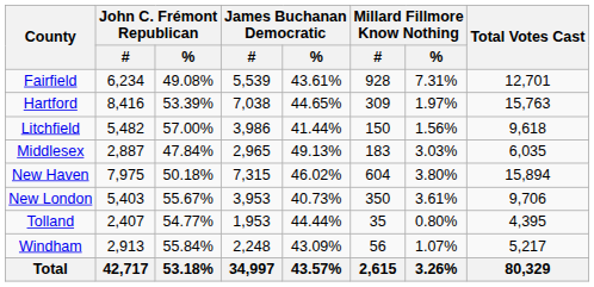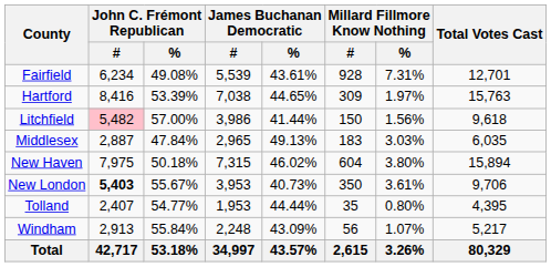 <table class="wikitable sortable">
 <tr>
 <th rowspan="2">County</th>
 <th colspan="2">John C. Frémont<br>Republican</th>
 <th colspan="2">James Buchanan<br>Democratic</th>
 <th colspan="2">Millard Fillmore<br>Know Nothing</th>
 <th rowspan="2">Total Votes Cast</th>
 </tr>
 <tr style="text-align:center;">
 <th>#</th>
 <th>%</th>
 <th>#</th>
 <th>%</th>
 <th>#</th>
 <th>%</th>
 </tr>
 <tr style="text-align:center;">
 <td><a href='#'>Fairfield</a></td>
 <td>6,234</td>
 <td>49.08%</td>
 <td>5,539</td>
 <td>43.61%</td>
 <td>928</td>
 <td>7.31%</td>
 <td>12,701</td>
 </tr>
 <tr style="text-align:center;">
 <td><a href='#'>Hartford</a></td>
 <td>8,416</td>
 <td>53.39%</td>
 <td>7,038</td>
 <td>44.65%</td>
 <td>309</td>
 <td>1.97%</td>
 <td>15,763</td>
 </tr>
 <tr style="text-align:center;">
 <td><a href='#'>Litchfield</a></td>
-<td>5,482</td>
+<td style="background: pink;">5,482</td>
 <td>57.00%</td>
 <td>3,986</td>
 <td>41.44%</td>
 <td>150</td>
 <td>1.56%</td>
 <td>9,618</td>
 </tr>
 <tr style="text-align:center;">
 <td><a href='#'>Middlesex</a></td>
 <td>2,887</td>
 <td>47.84%</td>
 <td>2,965</td>
 <td>49.13%</td>
 <td>183</td>
 <td>3.03%</td>
 <td>6,035</td>
 </tr>
 <tr style="text-align:center;">
 <td><a href='#'>New Haven</a></td>
 <td>7,975</td>
 <td>50.18%</td>
 <td>7,315</td>
 <td>46.02%</td>
 <td>604</td>
 <td>3.80%</td>
 <td>15,894</td>
 </tr>
 <tr style="text-align:center;">
 <td><a href='#'>New London</a></td>
-<td>5,403</td>
+<td><strong>5,403</strong></td>
 <td>55.67%</td>
 <td>3,953</td>
 <td>40.73%</td>
 <td>350</td>
 <td>3.61%</td>
 <td>9,706</td>
 </tr>
 <tr style="text-align:center;">
 <td><a href='#'>Tolland</a></td>
 <td>2,407</td>
 <td>54.77%</td>
 <td>1,953</td>
 <td>44.44%</td>
 <td>35</td>
 <td>0.80%</td>
 <td>4,395</td>
 </tr>
 <tr style="text-align:center;">
 <td><a href='#'>Windham</a></td>
 <td>2,913</td>
 <td>55.84%</td>
 <td>2,248</td>
 <td>43.09%</td>
 <td>56</td>
 <td>1.07%</td>
 <td>5,217</td>
 </tr>
 <tr style="text-align:center;">
 <th>Total</th>
 <th>42,717</th>
 <th>53.18%</th>
 <th>34,997</th>
 <th>43.57%</th>
 <th>2,615</th>
 <th>3.26%</th>
 <th>80,329</th>
 </tr>
 </table>
